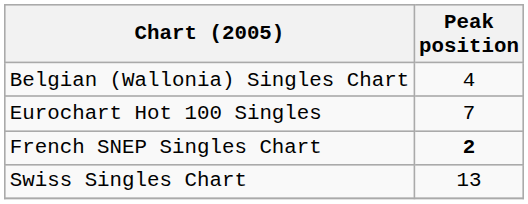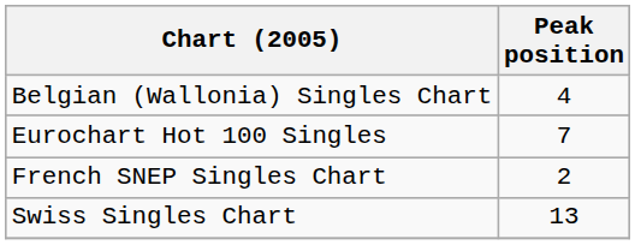 <table class="wikitable sortable">
 <tr>
 <th>Chart (2005)</th>
 <th>Peak<br>position</th>
 </tr>
 <tr>
 <td>Belgian (Wallonia) Singles Chart</td>
 <td align="center">4</td>
 </tr>
 <tr>
 <td>Eurochart Hot 100 Singles</td>
 <td align="center">7</td>
 </tr>
 <tr>
 <td>French SNEP Singles Chart</td>
-<td align="center"><strong>2</strong></td>
+<td align="center">2</td>
 </tr>
 <tr>
 <td>Swiss Singles Chart</td>
 <td align="center">13</td>
 </tr>
 <tr>
 </tr>
 </table>
